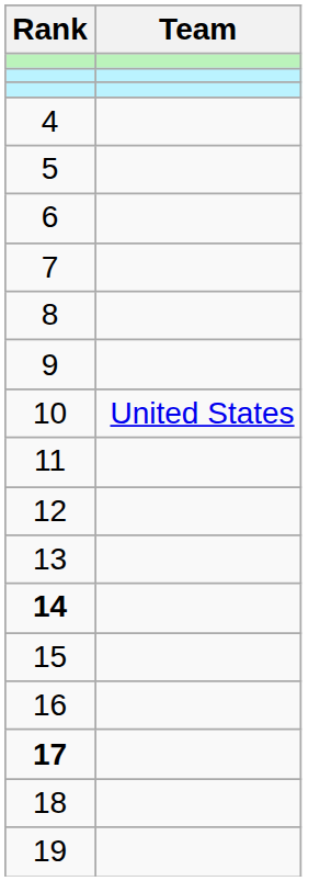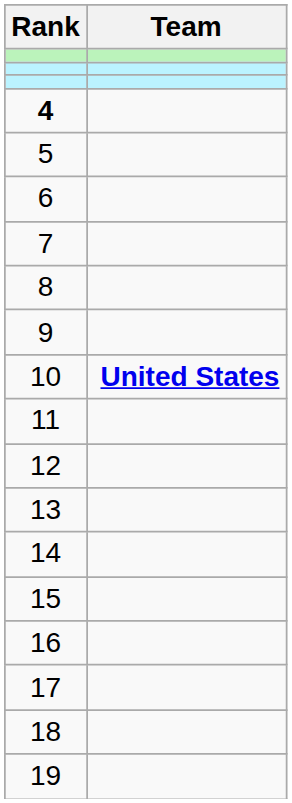 <table class="wikitable">
 <tr>
 <th>Rank</th>
 <th>Team</th>
 </tr>
 <tr bgcolor=BBF3BB>
 <td align=center></td>
 <td></td>
 </tr>
 <tr bgcolor=BBF3FF>
 <td align=center></td>
 <td></td>
 </tr>
 <tr bgcolor=BBF3FF>
 <td align=center></td>
 <td></td>
 </tr>
 <tr>
-<td align=center>4</td>
+<td align=center><strong>4</strong></td>
 <td></td>
 </tr>
 <tr>
 <td align=center>5</td>
 <td></td>
 </tr>
 <tr>
 <td align=center>6</td>
 <td></td>
 </tr>
 <tr>
 <td align=center>7</td>
 <td></td>
 </tr>
 <tr>
 <td align=center>8</td>
 <td></td>
 </tr>
 <tr>
 <td align=center>9</td>
 <td></td>
 </tr>
 <tr>
 <td align=center>10</td>
-<td> <a href='#'>United States</a></td>
+<td><strong> <a href='#'>United States</a></strong></td>
 </tr>
 <tr>
 <td align=center>11</td>
 <td></td>
 </tr>
 <tr>
 <td align=center>12</td>
 <td></td>
 </tr>
 <tr>
 <td align=center>13</td>
 <td></td>
 </tr>
 <tr>
-<td align=center><strong>14</strong></td>
+<td align=center>14</td>
 <td></td>
 </tr>
 <tr>
 <td align=center>15</td>
 <td></td>
 </tr>
 <tr>
 <td align=center>16</td>
 <td></td>
 </tr>
 <tr>
-<td align=center><strong>17</strong></td>
+<td align=center>17</td>
 <td></td>
 </tr>
 <tr>
 <td align=center>18</td>
 <td></td>
 </tr>
 <tr>
 <td align=center>19</td>
 <td></td>
 </tr>
 </table>
